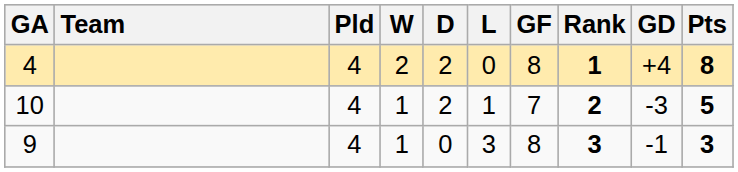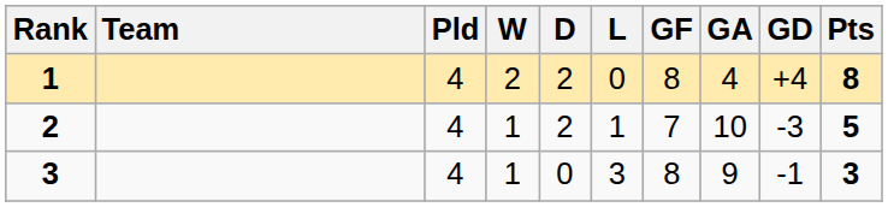 <table class="wikitable" style="text-align: center;">
 <tr>
-<th width=20>GA</th>
+<th width=30>Rank</th>
 <th width=165 style="text-align:left;">Team</th>
 <th width=20>Pld</th>
 <th width=20>W</th>
 <th width=20>D</th>
 <th width=20>L</th>
 <th width=20>GF</th>
-<th width=30>Rank</th>
+<th width=20>GA</th>
 <th width=20>GD</th>
 <th width=20>Pts</th>
 </tr>
 <tr style="background:#ffebad;">
-<td>4</td>
+<td><strong>1</strong></td>
 <td style="text-align:left;"></td>
 <td>4</td>
 <td>2</td>
 <td>2</td>
 <td>0</td>
 <td>8</td>
-<td><strong>1</strong></td>
+<td>4</td>
 <td>+4</td>
 <td><strong>8</strong></td>
 </tr>
 <tr>
-<td>10</td>
+<td><strong>2</strong></td>
 <td style="text-align:left;"></td>
 <td>4</td>
 <td>1</td>
 <td>2</td>
 <td>1</td>
 <td>7</td>
-<td><strong>2</strong></td>
+<td>10</td>
 <td>-3</td>
 <td><strong>5</strong></td>
 </tr>
 <tr>
-<td>9</td>
+<td><strong>3</strong></td>
 <td style="text-align:left;"></td>
 <td>4</td>
 <td>1</td>
 <td>0</td>
 <td>3</td>
 <td>8</td>
-<td><strong>3</strong></td>
+<td>9</td>
 <td>-1</td>
 <td><strong>3</strong></td>
 </tr>
 </table>
